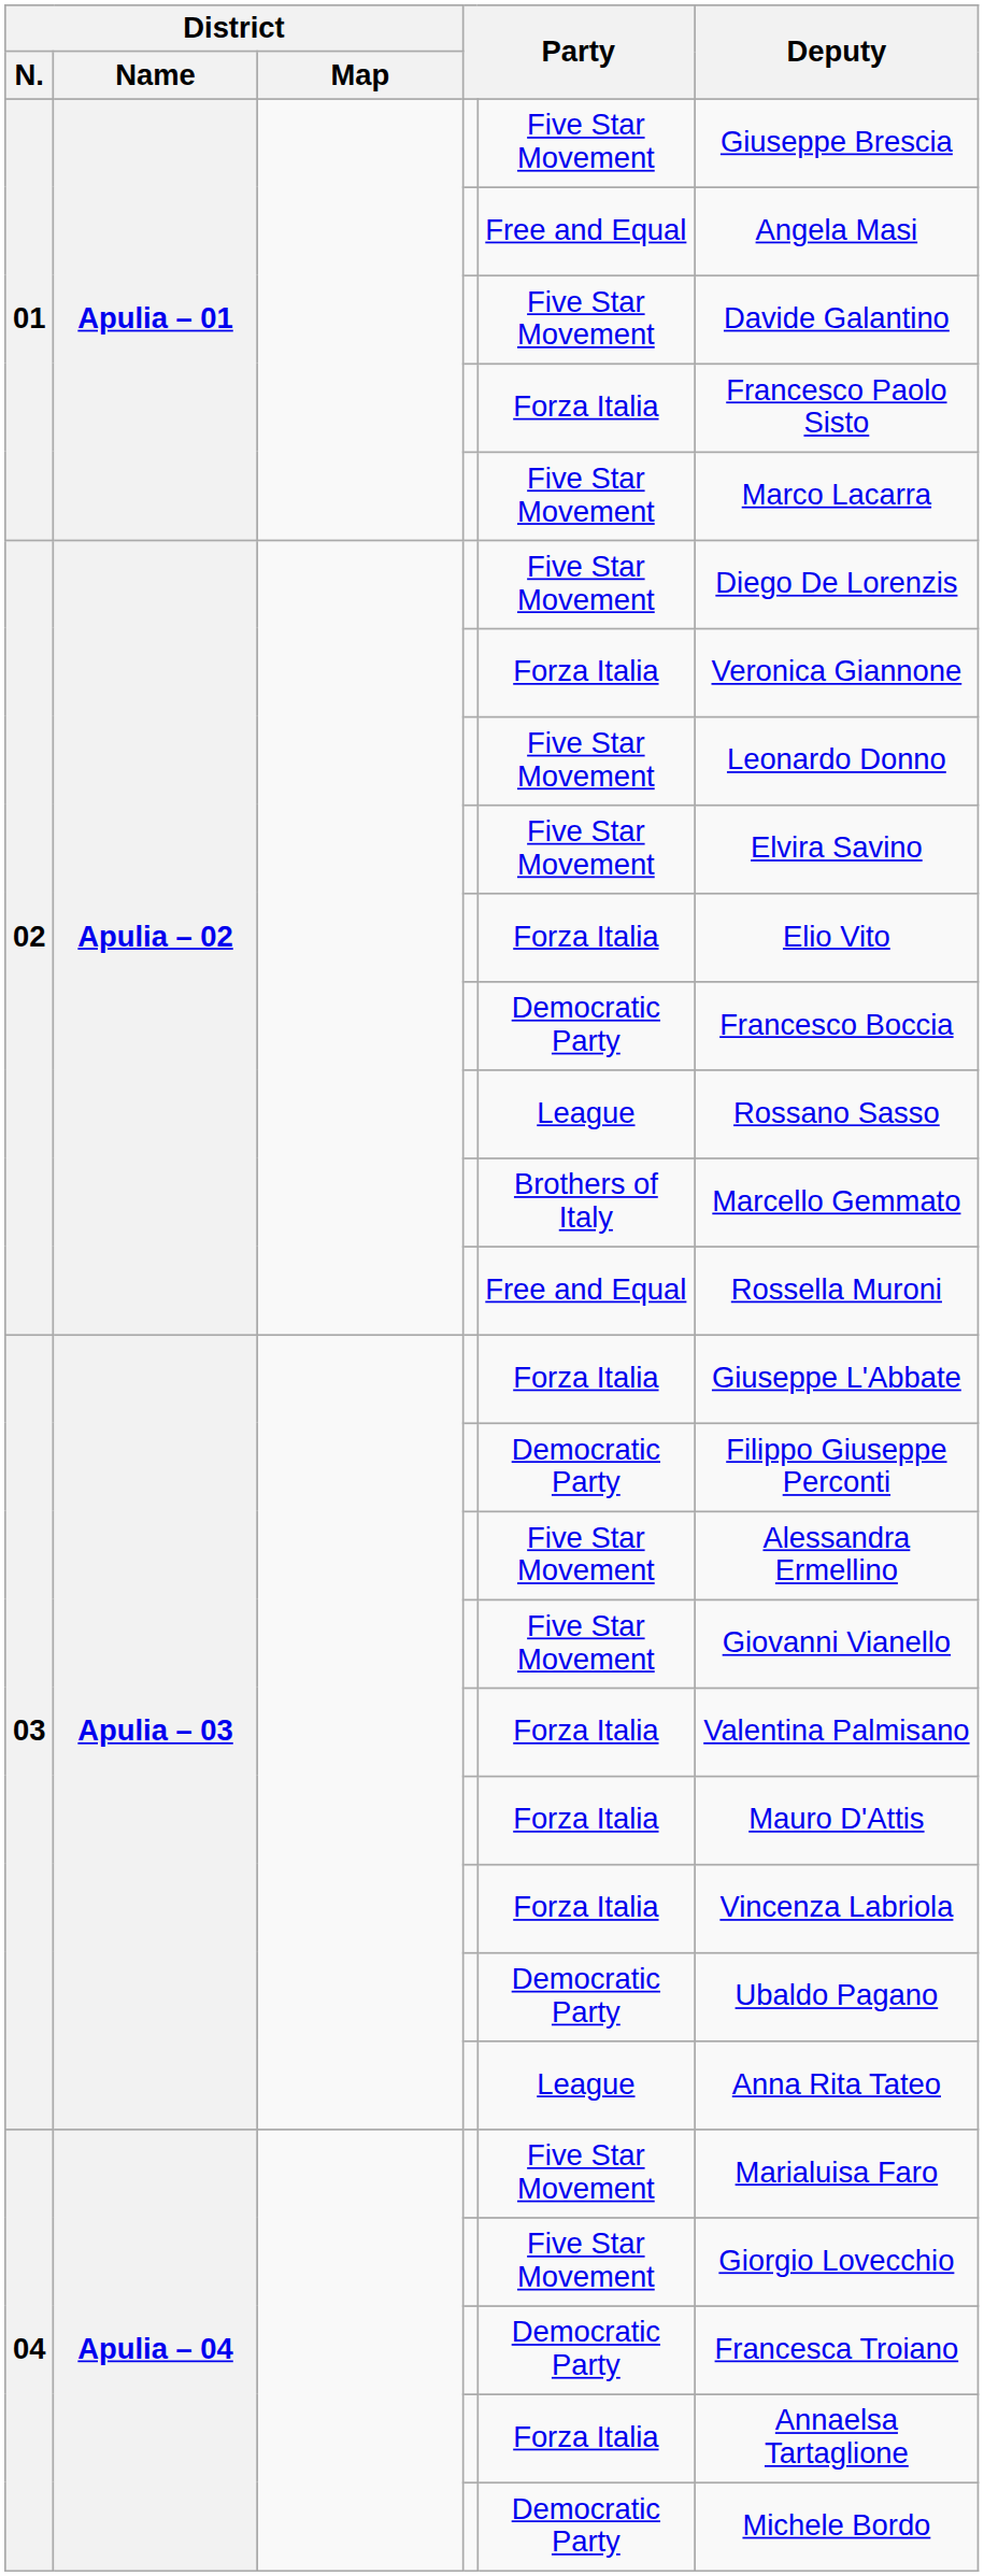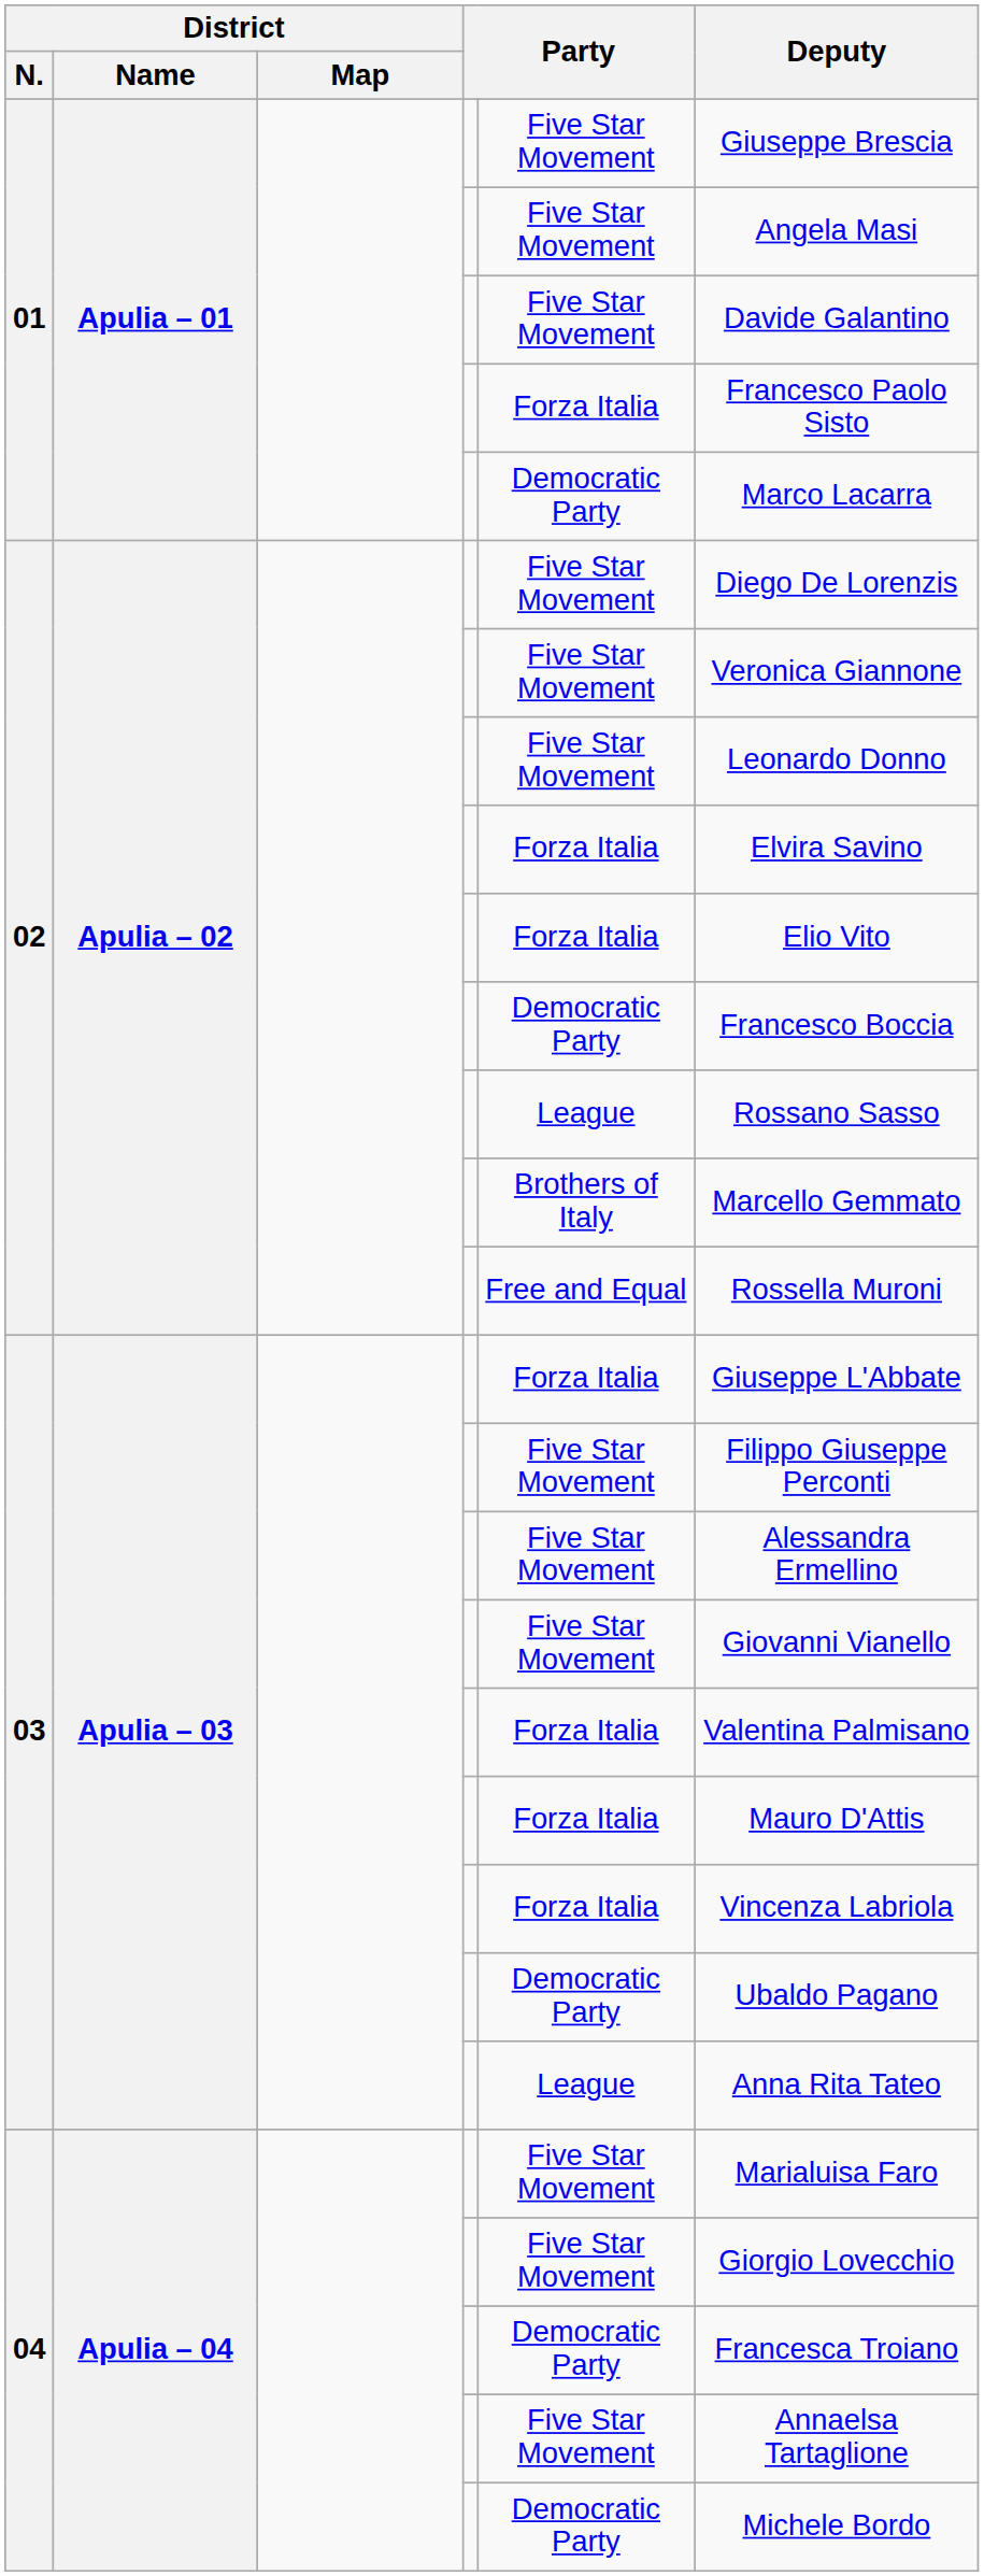 <table class="wikitable" style="text-align:center; style="width=60%">
 <tr>
 <th width=35% colspan="3">District</th>
 <th width=20% colspan="2" rowspan="2">Party</th>
 <th width=25% rowspan="2">Deputy</th>
 </tr>
 <tr>
 <th width=1%>N.</th>
 <th width=18%>Name</th>
 <th width=18%>Map</th>
 </tr>
 <tr style="height:3em;">
 <th rowspan="5">01</th>
 <th rowspan="5"><a href='#'>Apulia – 01</a></th>
 <td rowspan="5"></td>
 <td style="background:"></td>
 <td><a href='#'>Five Star Movement</a></td>
 <td><a href='#'>Giuseppe Brescia</a></td>
 </tr>
 <tr style="height:3em;">
 <td style="background:"></td>
-<td><a href='#'>Free and Equal</a></td>
+<td><a href='#'>Five Star Movement</a></td>
 <td><a href='#'>Angela Masi</a></td>
 </tr>
 <tr style="height:3em;">
 <td style="background:"></td>
 <td><a href='#'>Five Star Movement</a></td>
 <td><a href='#'>Davide Galantino</a></td>
 </tr>
 <tr style="height:3em;">
 <td style="background:"></td>
 <td><a href='#'>Forza Italia</a></td>
 <td><a href='#'>Francesco Paolo Sisto</a></td>
 </tr>
 <tr style="height:3em;">
 <td style="background:"></td>
-<td><a href='#'>Five Star Movement</a></td>
+<td><a href='#'>Democratic Party</a></td>
 <td><a href='#'>Marco Lacarra</a></td>
 </tr>
 <tr style="height:3em;">
 <th rowspan="9">02</th>
 <th rowspan="9"><a href='#'>Apulia – 02</a></th>
 <td rowspan="9"></td>
 <td style="background:"></td>
 <td><a href='#'>Five Star Movement</a></td>
 <td><a href='#'>Diego De Lorenzis</a></td>
 </tr>
 <tr style="height:3em;">
 <td style="background:"></td>
-<td><a href='#'>Forza Italia</a></td>
+<td><a href='#'>Five Star Movement</a></td>
 <td><a href='#'>Veronica Giannone</a></td>
 </tr>
 <tr style="height:3em;">
 <td style="background:"></td>
 <td><a href='#'>Five Star Movement</a></td>
 <td><a href='#'>Leonardo Donno</a></td>
 </tr>
 <tr style="height:3em;">
 <td style="background:"></td>
-<td><a href='#'>Five Star Movement</a></td>
+<td><a href='#'>Forza Italia</a></td>
 <td><a href='#'>Elvira Savino</a></td>
 </tr>
 <tr style="height:3em;">
 <td style="background:"></td>
 <td><a href='#'>Forza Italia</a></td>
 <td><a href='#'>Elio Vito</a></td>
 </tr>
 <tr style="height:3em;">
 <td style="background:"></td>
 <td><a href='#'>Democratic Party</a></td>
 <td><a href='#'>Francesco Boccia</a></td>
 </tr>
 <tr style="height:3em;">
 <td style="background:"></td>
 <td><a href='#'>League</a></td>
 <td><a href='#'>Rossano Sasso</a></td>
 </tr>
 <tr style="height:3em;">
 <td style="background:"></td>
 <td><a href='#'>Brothers of Italy</a></td>
 <td><a href='#'>Marcello Gemmato</a></td>
 </tr>
 <tr style="height:3em;">
 <td style="background:"></td>
 <td><a href='#'>Free and Equal</a></td>
 <td><a href='#'>Rossella Muroni</a></td>
 </tr>
 <tr style="height:3em;">
 <th rowspan="9">03</th>
 <th rowspan="9"><a href='#'>Apulia – 03</a></th>
 <td rowspan="9"></td>
 <td style="background:"></td>
 <td><a href='#'>Forza Italia</a></td>
 <td><a href='#'>Giuseppe L'Abbate</a></td>
 </tr>
 <tr style="height:3em;">
 <td style="background:"></td>
-<td><a href='#'>Democratic Party</a></td>
+<td><a href='#'>Five Star Movement</a></td>
 <td><a href='#'>Filippo Giuseppe Perconti</a></td>
 </tr>
 <tr style="height:3em;">
 <td style="background:"></td>
 <td><a href='#'>Five Star Movement</a></td>
 <td><a href='#'>Alessandra Ermellino</a></td>
 </tr>
 <tr style="height:3em;">
 <td style="background:"></td>
 <td><a href='#'>Five Star Movement</a></td>
 <td><a href='#'>Giovanni Vianello</a></td>
 </tr>
 <tr style="height:3em;">
 <td style="background:"></td>
 <td><a href='#'>Forza Italia</a></td>
 <td><a href='#'>Valentina Palmisano</a></td>
 </tr>
 <tr style="height:3em;">
 <td style="background:"></td>
 <td><a href='#'>Forza Italia</a></td>
 <td><a href='#'>Mauro D'Attis</a></td>
 </tr>
 <tr style="height:3em;">
 <td style="background:"></td>
 <td><a href='#'>Forza Italia</a></td>
 <td><a href='#'>Vincenza Labriola</a></td>
 </tr>
 <tr style="height:3em;">
 <td style="background:"></td>
 <td><a href='#'>Democratic Party</a></td>
 <td><a href='#'>Ubaldo Pagano</a></td>
 </tr>
 <tr style="height:3em;">
 <td style="background:"></td>
 <td><a href='#'>League</a></td>
 <td><a href='#'>Anna Rita Tateo</a></td>
 </tr>
 <tr style="height:3em;">
 <th rowspan="5">04</th>
 <th rowspan="5"><a href='#'>Apulia – 04</a></th>
 <td rowspan="5"></td>
 <td style="background:"></td>
 <td><a href='#'>Five Star Movement</a></td>
 <td><a href='#'>Marialuisa Faro</a></td>
 </tr>
 <tr style="height:3em;">
 <td style="background:"></td>
 <td><a href='#'>Five Star Movement</a></td>
 <td><a href='#'>Giorgio Lovecchio</a></td>
 </tr>
 <tr style="height:3em;">
 <td style="background:"></td>
 <td><a href='#'>Democratic Party</a></td>
 <td><a href='#'>Francesca Troiano</a></td>
 </tr>
 <tr style="height:3em;">
 <td style="background:"></td>
-<td><a href='#'>Forza Italia</a></td>
+<td><a href='#'>Five Star Movement</a></td>
 <td><a href='#'>Annaelsa Tartaglione</a></td>
 </tr>
 <tr style="height:3em;">
 <td style="background:"></td>
 <td><a href='#'>Democratic Party</a></td>
 <td><a href='#'>Michele Bordo</a></td>
 </tr>
 </table>
